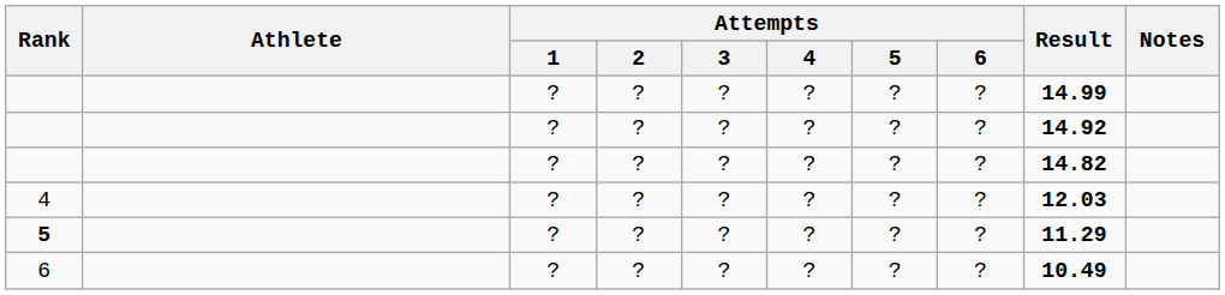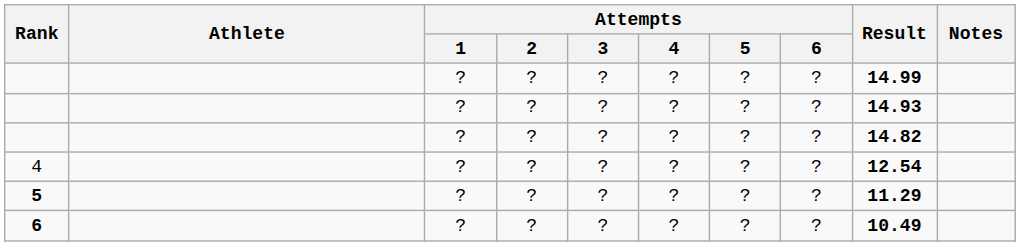 <table class="wikitable" style="text-align:center">
 <tr>
 <th rowspan=2 width=40>Rank</th>
 <th rowspan=2 width=250>Athlete</th>
 <th colspan=6>Attempts</th>
 <th rowspan=2 width=55>Result</th>
 <th rowspan=2 width=50>Notes</th>
 </tr>
 <tr>
 <th width=45>1</th>
 <th width=45>2</th>
 <th width=45>3</th>
 <th width=45>4</th>
 <th width=45>5</th>
 <th width=45>6</th>
 </tr>
 <tr>
 <td></td>
 <td align=left></td>
 <td>?</td>
 <td>?</td>
 <td>?</td>
 <td>?</td>
 <td>?</td>
 <td>?</td>
 <td><strong>14.99</strong></td>
 <td></td>
 </tr>
 <tr>
 <td></td>
 <td align=left></td>
 <td>?</td>
 <td>?</td>
 <td>?</td>
 <td>?</td>
 <td>?</td>
 <td>?</td>
-<td><strong>14.92</strong></td>
+<td><strong>14.93</strong></td>
 <td></td>
 </tr>
 <tr>
 <td></td>
 <td align=left></td>
 <td>?</td>
 <td>?</td>
 <td>?</td>
 <td>?</td>
 <td>?</td>
 <td>?</td>
 <td><strong>14.82</strong></td>
 <td></td>
 </tr>
 <tr>
 <td>4</td>
 <td align=left></td>
 <td>?</td>
 <td>?</td>
 <td>?</td>
 <td>?</td>
 <td>?</td>
 <td>?</td>
-<td><strong>12.03</strong></td>
+<td><strong>12.54</strong></td>
 <td></td>
 </tr>
 <tr>
 <td><strong>5</strong></td>
 <td align=left></td>
 <td>?</td>
 <td>?</td>
 <td>?</td>
 <td>?</td>
 <td>?</td>
 <td>?</td>
 <td><strong>11.29</strong></td>
 <td></td>
 </tr>
 <tr>
-<td>6</td>
+<td><strong>6</strong></td>
 <td align=left></td>
 <td>?</td>
 <td>?</td>
 <td>?</td>
 <td>?</td>
 <td>?</td>
 <td>?</td>
 <td><strong>10.49</strong></td>
 <td></td>
 </tr>
 </table>
